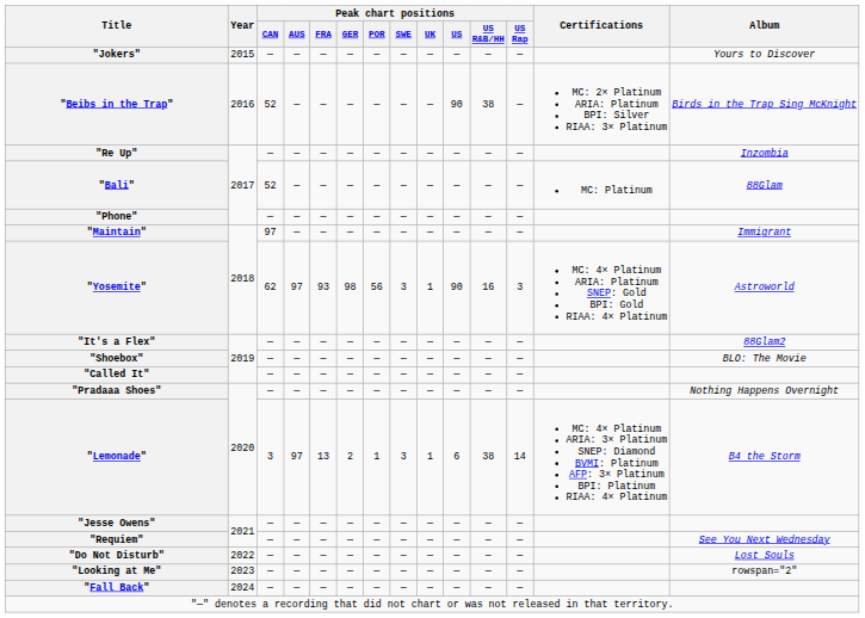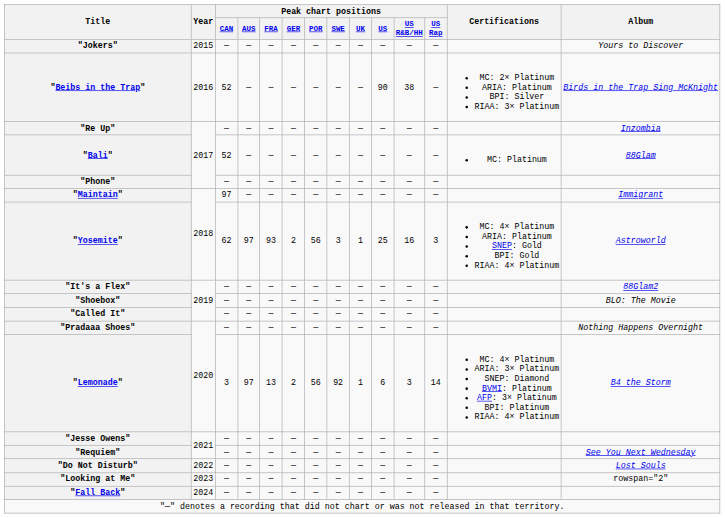 <table class="wikitable plainrowheaders" style="text-align:center;">
 <tr>
 <th scope="col" rowspan="2"style="width:22em;">Title</th>
 <th scope="col" rowspan="2">Year</th>
 <th scope="col" colspan="10">Peak chart positions</th>
 <th scope="col" rowspan="2">Certifications</th>
 <th scope="col" rowspan="2">Album</th>
 </tr>
 <tr>
 <th scope="col" style="width:2.5em;font-size:90%;"><a href='#'>CAN</a><br></th>
 <th scope="col" style="width:2.5em;font-size:90%;"><a href='#'>AUS</a><br></th>
 <th scope="col" style="width:2.5em;font-size:90%;"><a href='#'>FRA</a><br></th>
 <th scope="col" style="width:2.5em;font-size:90%;"><a href='#'>GER</a><br></th>
 <th scope="col" style="width:2.5em;font-size:90%;"><a href='#'>POR</a><br></th>
 <th scope="col" style="width:2.5em;font-size:90%;"><a href='#'>SWE</a><br></th>
 <th scope="col" style="width:2.5em;font-size:90%;"><a href='#'>UK</a><br></th>
 <th scope="col" style="width:2.5em;font-size:90%;"><a href='#'>US</a><br></th>
 <th scope="col" style="width:2.5em;font-size:90%;"><a href='#'>US<br>R&B/HH</a><br></th>
 <th scope="col" style="width:2.5em;font-size:90%;"><a href='#'>US<br>Rap</a><br></th>
 </tr>
 <tr>
 <th scope="row">"Jokers"<br></th>
 <td>2015</td>
 <td>—</td>
 <td>—</td>
 <td>—</td>
 <td>—</td>
 <td>—</td>
 <td>—</td>
 <td>—</td>
 <td>—</td>
 <td>—</td>
 <td>—</td>
 <td></td>
 <td><em>Yours to Discover</em></td>
 </tr>
 <tr>
 <th scope="row">"<a href='#'>Beibs in the Trap</a>"<br></th>
 <td>2016</td>
 <td>52</td>
 <td>—</td>
 <td>—</td>
 <td>—</td>
 <td>—</td>
 <td>—</td>
 <td>—</td>
 <td>90</td>
 <td>38</td>
 <td>—</td>
 <td><br><ul><li>MC: 2× Platinum</li><li>ARIA: Platinum</li><li>BPI: Silver</li><li>RIAA: 3× Platinum</li></ul></td>
 <td><em><a href='#'>Birds in the Trap Sing McKnight</a></em></td>
 </tr>
 <tr>
 <th scope="row">"Re Up"<br></th>
 <td rowspan="3">2017</td>
 <td>—</td>
 <td>—</td>
 <td>—</td>
 <td>—</td>
 <td>—</td>
 <td>—</td>
 <td>—</td>
 <td>—</td>
 <td>—</td>
 <td>—</td>
 <td></td>
 <td><em><a href='#'>Inzombia</a></em></td>
 </tr>
 <tr>
 <th scope="row">"<a href='#'>Bali</a>"<br></th>
 <td>52</td>
 <td>—</td>
 <td>—</td>
 <td>—</td>
 <td>—</td>
 <td>—</td>
 <td>—</td>
 <td>—</td>
 <td>—</td>
 <td>—</td>
 <td><br><ul><li>MC: Platinum</li></ul></td>
 <td><em><a href='#'>88Glam</a></em></td>
 </tr>
 <tr>
 <th scope="row">"Phone"<br></th>
 <td>—</td>
 <td>—</td>
 <td>—</td>
 <td>—</td>
 <td>—</td>
 <td>—</td>
 <td>—</td>
 <td>—</td>
 <td>—</td>
 <td>—</td>
 <td></td>
 <td></td>
 </tr>
 <tr>
 <th scope="row">"<a href='#'>Maintain</a>"<br></th>
 <td rowspan="2">2018</td>
 <td>97</td>
 <td>—</td>
 <td>—</td>
 <td>—</td>
 <td>—</td>
 <td>—</td>
 <td>—</td>
 <td>—</td>
 <td>—</td>
 <td>—</td>
 <td></td>
 <td><em><a href='#'>Immigrant</a></em></td>
 </tr>
 <tr>
 <th scope="row">"<a href='#'>Yosemite</a>"<br></th>
 <td>62</td>
 <td>97</td>
 <td>93</td>
-<td>98</td>
+<td>2</td>
 <td>56</td>
 <td>3</td>
 <td>1</td>
-<td>90</td>
+<td>25</td>
 <td>16</td>
 <td>3</td>
 <td><br><ul><li>MC: 4× Platinum</li><li>ARIA: Platinum</li><li><a href='#'>SNEP</a>: Gold</li><li>BPI: Gold</li><li>RIAA: 4× Platinum</li></ul></td>
 <td><em><a href='#'>Astroworld</a></em></td>
 </tr>
 <tr>
 <th scope="row">"It's a Flex"<br></th>
 <td rowspan="3">2019</td>
 <td>—</td>
 <td>—</td>
 <td>—</td>
 <td>—</td>
 <td>—</td>
 <td>—</td>
 <td>—</td>
 <td>—</td>
 <td>—</td>
 <td>—</td>
 <td></td>
 <td><em><a href='#'>88Glam2</a></em></td>
 </tr>
 <tr>
 <th scope="row">"Shoebox"<br></th>
 <td>—</td>
 <td>—</td>
 <td>—</td>
 <td>—</td>
 <td>—</td>
 <td>—</td>
 <td>—</td>
 <td>—</td>
 <td>—</td>
 <td>—</td>
 <td></td>
 <td><em>BLO: The Movie</em></td>
 </tr>
 <tr>
 <th scope="row">"Called It"<br></th>
 <td>—</td>
 <td>—</td>
 <td>—</td>
 <td>—</td>
 <td>—</td>
 <td>—</td>
 <td>—</td>
 <td>—</td>
 <td>—</td>
 <td>—</td>
 <td></td>
 <td></td>
 </tr>
 <tr>
 <th scope="row">"Pradaaa Shoes"<br></th>
 <td rowspan="2">2020</td>
 <td>—</td>
 <td>—</td>
 <td>—</td>
 <td>—</td>
 <td>—</td>
 <td>—</td>
 <td>—</td>
 <td>—</td>
 <td>—</td>
 <td>—</td>
 <td></td>
 <td><em>Nothing Happens Overnight</em></td>
 </tr>
 <tr>
 <th scope="row">"<a href='#'>Lemonade</a>"<br></th>
 <td>3</td>
 <td>97</td>
 <td>13</td>
 <td>2</td>
-<td>1</td>
-<td>3</td>
+<td>56</td>
+<td>92</td>
 <td>1</td>
 <td>6</td>
-<td>38</td>
+<td>3</td>
 <td>14</td>
 <td><br><ul><li>MC: 4× Platinum</li><li>ARIA: 3× Platinum</li><li>SNEP: Diamond</li><li><a href='#'>BVMI</a>: Platinum</li><li><a href='#'>AFP</a>: 3× Platinum</li><li>BPI: Platinum</li><li>RIAA: 4× Platinum</li></ul></td>
 <td><em><a href='#'>B4 the Storm</a></em></td>
 </tr>
 <tr>
 <th scope="row">"Jesse Owens"<br></th>
 <td rowspan="2">2021</td>
 <td>—</td>
 <td>—</td>
 <td>—</td>
 <td>—</td>
 <td>—</td>
 <td>—</td>
 <td>—</td>
 <td>—</td>
 <td>—</td>
 <td>—</td>
 <td></td>
 <td></td>
 </tr>
 <tr>
 <th scope="row">"Requiem"<br></th>
 <td>—</td>
 <td>—</td>
 <td>—</td>
 <td>—</td>
 <td>—</td>
 <td>—</td>
 <td>—</td>
 <td>—</td>
 <td>—</td>
 <td>—</td>
 <td></td>
 <td><em><a href='#'>See You Next Wednesday</a></em></td>
 </tr>
 <tr>
 <th scope="row">"Do Not Disturb"<br></th>
 <td>2022</td>
 <td>—</td>
 <td>—</td>
 <td>—</td>
 <td>—</td>
 <td>—</td>
 <td>—</td>
 <td>—</td>
 <td>—</td>
 <td>—</td>
 <td>—</td>
 <td></td>
 <td><em><a href='#'>Lost Souls</a></em></td>
 </tr>
 <tr>
 <th scope="row">"Looking at Me"<br></th>
 <td>2023</td>
 <td>—</td>
 <td>—</td>
 <td>—</td>
 <td>—</td>
 <td>—</td>
 <td>—</td>
 <td>—</td>
 <td>—</td>
 <td>—</td>
 <td>—</td>
 <td></td>
 <td>rowspan="2" </td>
 </tr>
 <tr>
 <th scope="row">"<a href='#'>Fall Back</a>"<br></th>
 <td>2024</td>
 <td>—</td>
 <td>—</td>
 <td>—</td>
 <td>—</td>
 <td>—</td>
 <td>—</td>
 <td>—</td>
 <td>—</td>
 <td>—</td>
 <td>—</td>
 <td></td>
 </tr>
 <tr>
 <td colspan="14">"—" denotes a recording that did not chart or was not released in that territory.</td>
 </tr>
 </table>
